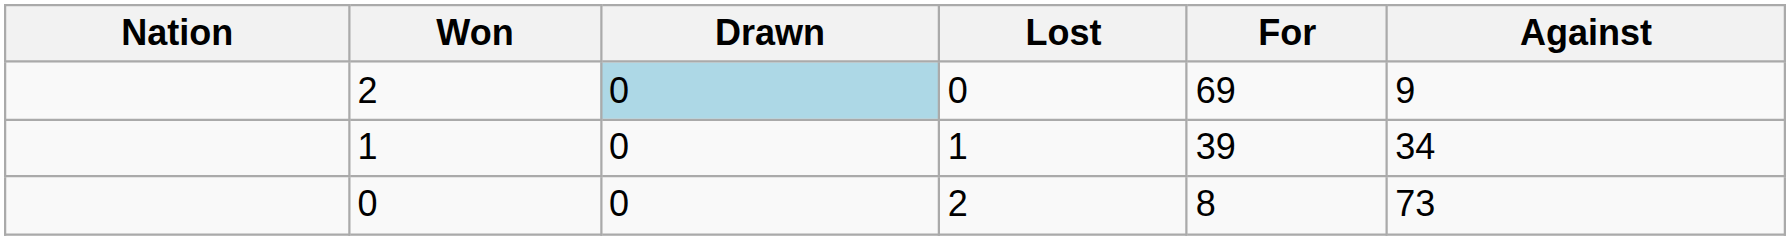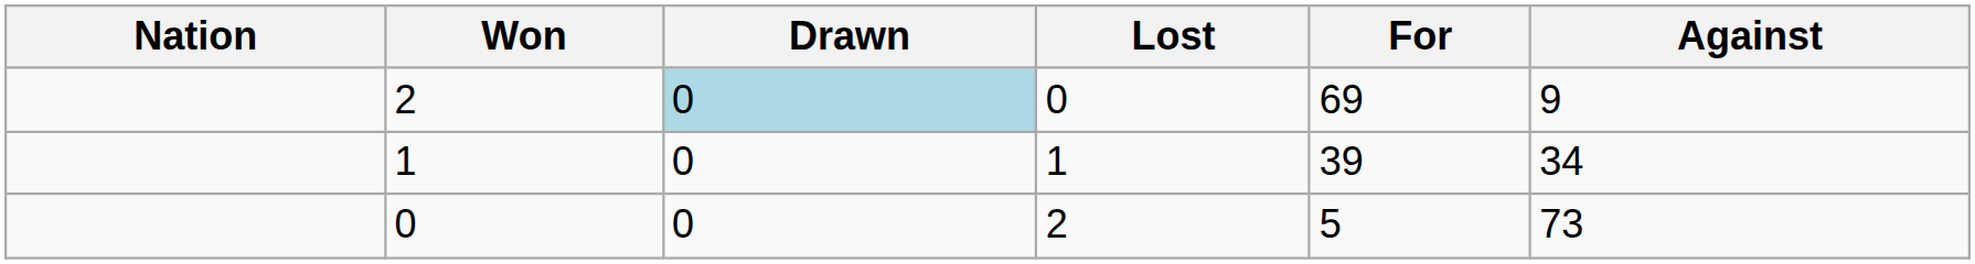 <table class="wikitable" style="width:50%">
 <tr>
 <th>Nation</th>
 <th>Won</th>
 <th>Drawn</th>
 <th>Lost</th>
 <th>For</th>
 <th>Against</th>
 </tr>
 <tr>
 <td></td>
 <td>2</td>
 <td style="background: lightblue;">0</td>
 <td>0</td>
 <td>69</td>
 <td>9</td>
 </tr>
 <tr>
 <td></td>
 <td>1</td>
 <td>0</td>
 <td>1</td>
 <td>39</td>
 <td>34</td>
 </tr>
 <tr>
 <td></td>
 <td>0</td>
 <td>0</td>
 <td>2</td>
-<td>8</td>
+<td>5</td>
 <td>73</td>
 </tr>
 </table>
